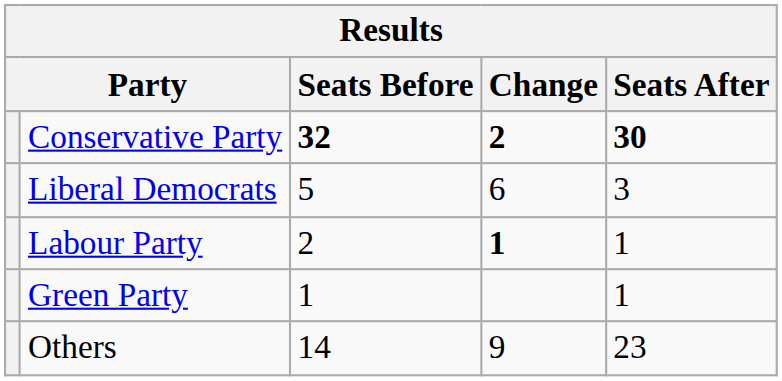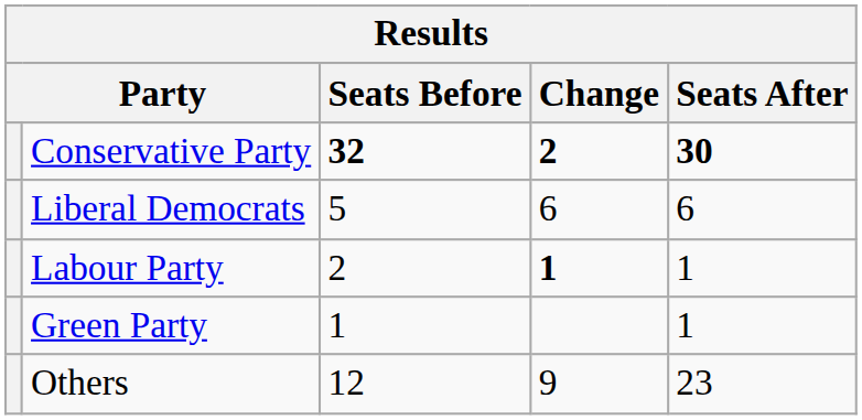 <table class="wikitable">
 <tr>
 <th colspan="5">Results</th>
 </tr>
 <tr>
 <th colspan="2">Party</th>
 <th>Seats Before</th>
 <th>Change</th>
 <th>Seats After</th>
 </tr>
 <tr>
 <th class="unsortable" style="background-color: "></th>
 <td><a href='#'>Conservative Party</a></td>
 <td><strong>32</strong></td>
 <td><strong>2</strong></td>
 <td><strong>30</strong></td>
 </tr>
 <tr>
 <th class="unsortable" style="background-color: "></th>
 <td><a href='#'>Liberal Democrats</a></td>
 <td>5</td>
 <td>6</td>
-<td>3</td>
+<td>6</td>
 </tr>
 <tr>
 <th class="unsortable" style="background-color: "></th>
 <td><a href='#'>Labour Party</a></td>
 <td>2</td>
 <td><strong>1</strong></td>
 <td>1</td>
 </tr>
 <tr>
 <th class="unsortable" style="background-color: "></th>
 <td><a href='#'>Green Party</a></td>
 <td>1</td>
 <td></td>
 <td>1</td>
 </tr>
 <tr>
 <th></th>
 <td>Others</td>
-<td>14</td>
+<td>12</td>
 <td>9</td>
 <td>23</td>
 </tr>
 </table>
